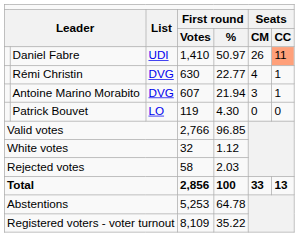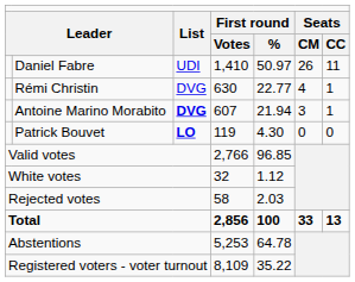 <table class="wikitable">
 <tr>
 <td colspan="7"></td>
 </tr>
 <tr>
 <th colspan="2" rowspan="2">Leader</th>
 <th rowspan="2">List</th>
 <th colspan="2">First round</th>
 <th colspan="2">Seats</th>
 </tr>
 <tr>
 <th>Votes</th>
 <th>%</th>
 <th>CM</th>
 <th>CC</th>
 </tr>
 <tr>
 <td bgcolor=></td>
 <td>Daniel Fabre</td>
 <td><a href='#'>UDI</a></td>
 <td>1,410</td>
 <td>50.97</td>
 <td>26</td>
-<td style="background: lightsalmon;">11</td>
+<td>11</td>
 </tr>
 <tr>
 <td bgcolor=></td>
 <td>Rémi Christin</td>
 <td><a href='#'>DVG</a></td>
 <td>630</td>
 <td>22.77</td>
 <td>4</td>
 <td>1</td>
 </tr>
 <tr>
 <td bgcolor=></td>
 <td>Antoine Marino Morabito</td>
-<td><a href='#'>DVG</a></td>
+<td><strong><a href='#'>DVG</a></strong></td>
 <td>607</td>
 <td>21.94</td>
 <td>3</td>
 <td>1</td>
 </tr>
 <tr>
 <td bgcolor=></td>
 <td>Patrick Bouvet</td>
-<td><a href='#'>LO</a></td>
+<td><strong><a href='#'>LO</a></strong></td>
 <td>119</td>
 <td>4.30</td>
 <td>0</td>
 <td>0</td>
 </tr>
 <tr>
 <td colspan="3">Valid votes</td>
 <td>2,766</td>
 <td>96.85</td>
 <th colspan="2" rowspan="3"></th>
 </tr>
 <tr>
 <td colspan="3">White votes</td>
 <td>32</td>
 <td>1.12</td>
 </tr>
 <tr>
 <td colspan="3">Rejected votes</td>
 <td>58</td>
 <td>2.03</td>
 </tr>
 <tr>
 <td colspan="3"><strong>Total</strong></td>
 <td><strong>2,856</strong></td>
 <td><strong>100</strong></td>
 <td><strong>33</strong></td>
 <td><strong>13</strong></td>
 </tr>
 <tr>
 <td colspan="3">Abstentions</td>
 <td>5,253</td>
 <td>64.78</td>
 <th colspan="2" rowspan="2"></th>
 </tr>
 <tr>
 <td colspan="3">Registered voters - voter turnout</td>
 <td>8,109</td>
 <td>35.22</td>
 </tr>
 </table>
